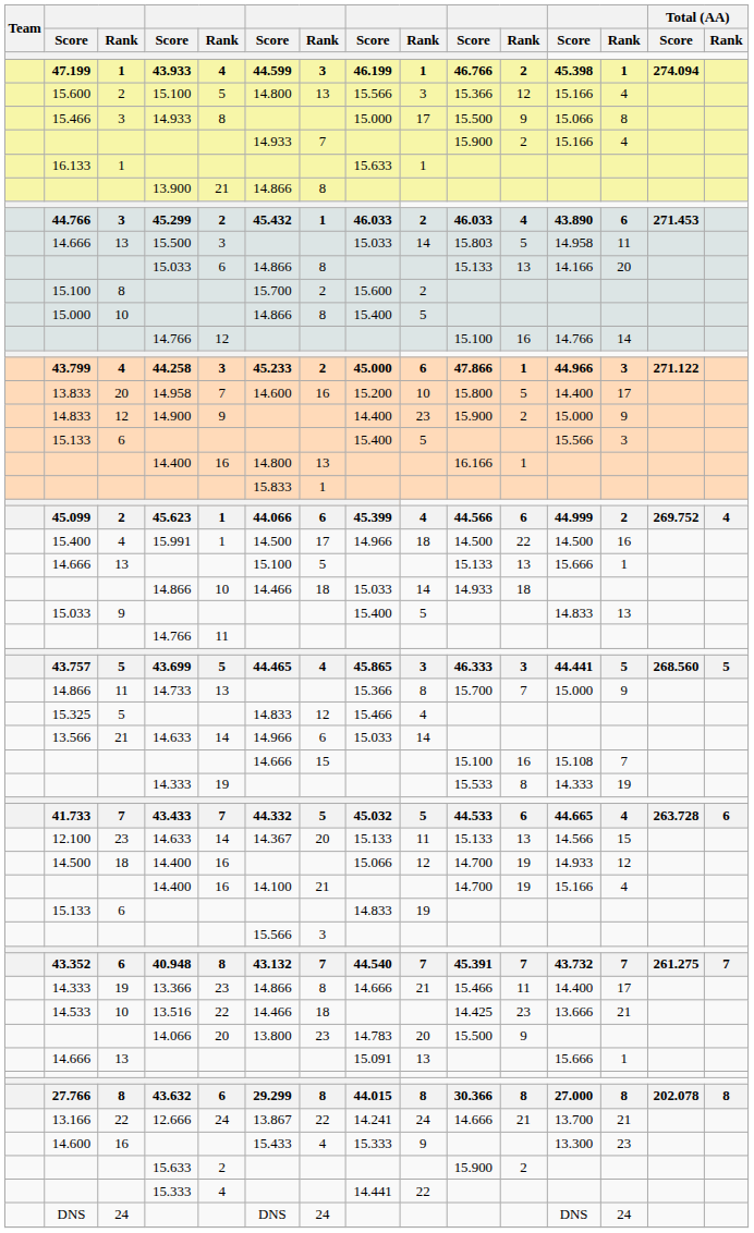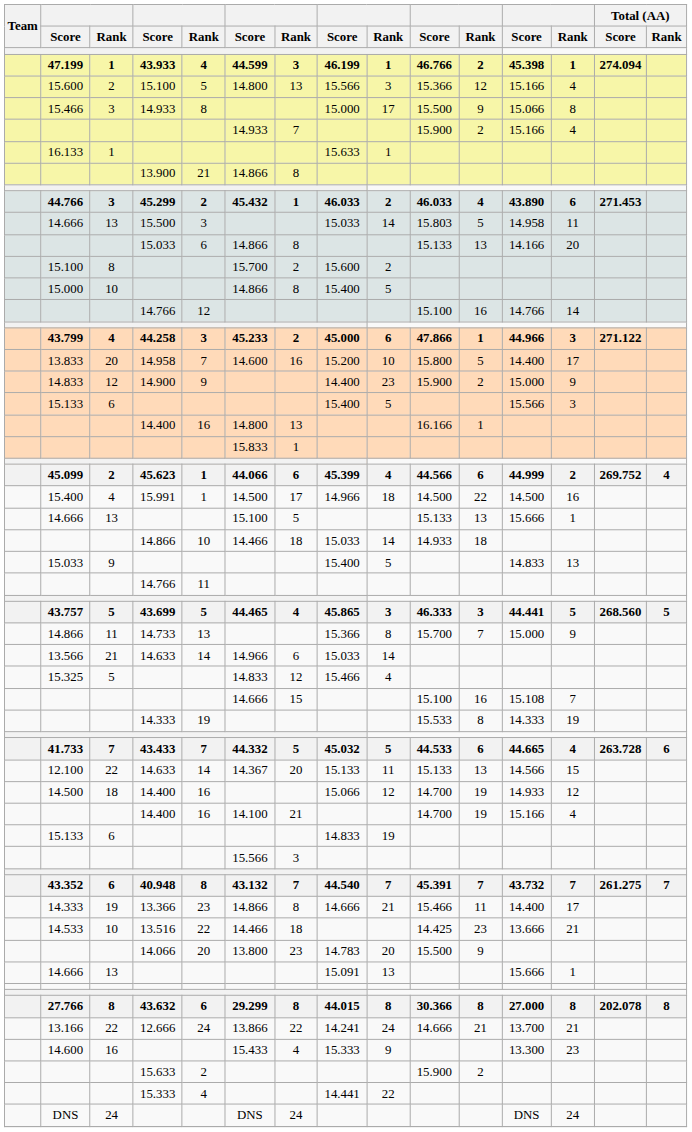 <table class="wikitable" style="text-align:center; font-size:82%">
 <tr>
 <th rowspan=2>Team</th>
 <th style="width:6.7em" colspan=2></th>
 <th style="width:6.7em" colspan=2></th>
 <th style="width:6.7em" colspan=2></th>
 <th style="width:6.7em" colspan=2></th>
 <th style="width:6.7em" colspan=2></th>
 <th style="width:6.7em" colspan=2></th>
 <th style="width:6.7em" colspan=2>Total (AA)</th>
 </tr>
 <tr>
 <th>Score</th>
 <th>Rank</th>
 <th>Score</th>
 <th>Rank</th>
 <th>Score</th>
 <th>Rank</th>
 <th>Score</th>
 <th>Rank</th>
 <th>Score</th>
 <th>Rank</th>
 <th>Score</th>
 <th>Rank</th>
 <th>Score</th>
 <th>Rank<br></th>
 </tr>
 <tr>
 <th colspan=11></th>
 </tr>
 <tr>
 <th style="background:#F7F6A8;”"></th>
 <th style="background:#F7F6A8;”">47.199</th>
 <th style="background:#F7F6A8;”">1</th>
 <th style="background:#F7F6A8;”">43.933</th>
 <th style="background:#F7F6A8;”">4</th>
 <th style="background:#F7F6A8;”">44.599</th>
 <th style="background:#F7F6A8;”">3</th>
 <th style="background:#F7F6A8;”">46.199</th>
 <th style="background:#F7F6A8;”">1</th>
 <th style="background:#F7F6A8;”">46.766</th>
 <th style="background:#F7F6A8;”">2</th>
 <th style="background:#F7F6A8;”">45.398</th>
 <th style="background:#F7F6A8;”">1</th>
 <th style="background:#F7F6A8;”">274.094</th>
 <th style="background:#F7F6A8;”"></th>
 </tr>
 <tr style="background:#F7F6A8;”">
 <td align=left></td>
 <td>15.600</td>
 <td>2</td>
 <td>15.100</td>
 <td>5</td>
 <td>14.800</td>
 <td>13</td>
 <td>15.566</td>
 <td>3</td>
 <td>15.366</td>
 <td>12</td>
 <td>15.166</td>
 <td>4</td>
 <td></td>
 <td></td>
 </tr>
 <tr style="background:#F7F6A8;”">
 <td align="left"></td>
 <td>15.466</td>
 <td>3</td>
 <td>14.933</td>
 <td>8</td>
 <td></td>
 <td></td>
 <td>15.000</td>
 <td>17</td>
 <td>15.500</td>
 <td>9</td>
 <td>15.066</td>
 <td>8</td>
 <td></td>
 <td></td>
 </tr>
 <tr style="background:#F7F6A8;”">
 <td align=left></td>
 <td></td>
 <td></td>
 <td></td>
 <td></td>
 <td>14.933</td>
 <td>7</td>
 <td></td>
 <td></td>
 <td>15.900</td>
 <td>2</td>
 <td>15.166</td>
 <td>4</td>
 <td></td>
 <td></td>
 </tr>
 <tr style="background:#F7F6A8;”">
 <td align="left"></td>
 <td>16.133</td>
 <td>1</td>
 <td></td>
 <td></td>
 <td></td>
 <td></td>
 <td>15.633</td>
 <td>1</td>
 <td></td>
 <td></td>
 <td></td>
 <td></td>
 <td></td>
 <td></td>
 </tr>
 <tr style="background:#F7F6A8;”">
 <td align=left></td>
 <td></td>
 <td></td>
 <td>13.900</td>
 <td>21</td>
 <td>14.866</td>
 <td>8</td>
 <td></td>
 <td></td>
 <td></td>
 <td></td>
 <td></td>
 <td></td>
 <td></td>
 <td></td>
 </tr>
 <tr style="background:#F7F6A8;”">
 <th colspan="8"></th>
 </tr>
 <tr>
 <th style="background:#DCE5E5;”"></th>
 <th style="background:#DCE5E5;”">44.766</th>
 <th style="background:#DCE5E5;”">3</th>
 <th style="background:#DCE5E5;”">45.299</th>
 <th style="background:#DCE5E5;”">2</th>
 <th style="background:#DCE5E5;”">45.432</th>
 <th style="background:#DCE5E5;”">1</th>
 <th style="background:#DCE5E5;”">46.033</th>
 <th style="background:#DCE5E5;”">2</th>
 <th style="background:#DCE5E5;”">46.033</th>
 <th style="background:#DCE5E5;”">4</th>
 <th style="background:#DCE5E5;”">43.890</th>
 <th style="background:#DCE5E5;”">6</th>
 <th style="background:#DCE5E5;”">271.453</th>
 <th style="background:#DCE5E5;”"></th>
 </tr>
 <tr style="background:#DCE5E5;”">
 <td align="left"></td>
 <td>14.666</td>
 <td>13</td>
 <td>15.500</td>
 <td>3</td>
 <td></td>
 <td></td>
 <td>15.033</td>
 <td>14</td>
 <td>15.803</td>
 <td>5</td>
 <td>14.958</td>
 <td>11</td>
 <td></td>
 <td></td>
 </tr>
 <tr style="background:#DCE5E5;”">
 <td align="left"></td>
 <td></td>
 <td></td>
 <td>15.033</td>
 <td>6</td>
 <td>14.866</td>
 <td>8</td>
 <td></td>
 <td></td>
 <td>15.133</td>
 <td>13</td>
 <td>14.166</td>
 <td>20</td>
 <td></td>
 <td></td>
 </tr>
 <tr style="background:#DCE5E5;”">
 <td align="left"></td>
 <td>15.100</td>
 <td>8</td>
 <td></td>
 <td></td>
 <td>15.700</td>
 <td>2</td>
 <td>15.600</td>
 <td>2</td>
 <td></td>
 <td></td>
 <td></td>
 <td></td>
 <td></td>
 <td></td>
 </tr>
 <tr style="background:#DCE5E5;”">
 <td align="left"></td>
 <td>15.000</td>
 <td>10</td>
 <td></td>
 <td></td>
 <td>14.866</td>
 <td>8</td>
 <td>15.400</td>
 <td>5</td>
 <td></td>
 <td></td>
 <td></td>
 <td></td>
 <td></td>
 <td></td>
 </tr>
 <tr style="background:#DCE5E5;”">
 <td align="left"></td>
 <td></td>
 <td></td>
 <td>14.766</td>
 <td>12</td>
 <td></td>
 <td></td>
 <td></td>
 <td></td>
 <td>15.100</td>
 <td>16</td>
 <td>14.766</td>
 <td>14</td>
 <td></td>
 <td></td>
 </tr>
 <tr style="background:#DCE5E5;”">
 <th colspan="8"></th>
 </tr>
 <tr>
 <th style="background:#FFDAB9;"></th>
 <th style="background:#FFDAB9;">43.799</th>
 <th style="background:#FFDAB9;">4</th>
 <th style="background:#FFDAB9;">44.258</th>
 <th style="background:#FFDAB9;">3</th>
 <th style="background:#FFDAB9;">45.233</th>
 <th style="background:#FFDAB9;">2</th>
 <th style="background:#FFDAB9;">45.000</th>
 <th style="background:#FFDAB9;">6</th>
 <th style="background:#FFDAB9;">47.866</th>
 <th style="background:#FFDAB9;">1</th>
 <th style="background:#FFDAB9;">44.966</th>
 <th style="background:#FFDAB9;">3</th>
 <th style="background:#FFDAB9;">271.122</th>
 <th style="background:#FFDAB9;"></th>
 </tr>
 <tr style="background:#FFDAB9;">
 <td align="left"></td>
 <td>13.833</td>
 <td>20</td>
 <td>14.958</td>
 <td>7</td>
 <td>14.600</td>
 <td>16</td>
 <td>15.200</td>
 <td>10</td>
 <td>15.800</td>
 <td>5</td>
 <td>14.400</td>
 <td>17</td>
 <td></td>
 <td></td>
 </tr>
 <tr style="background:#FFDAB9;">
 <td align="left"></td>
 <td>14.833</td>
 <td>12</td>
 <td>14.900</td>
 <td>9</td>
 <td></td>
 <td></td>
 <td>14.400</td>
 <td>23</td>
 <td>15.900</td>
 <td>2</td>
 <td>15.000</td>
 <td>9</td>
 <td></td>
 <td></td>
 </tr>
 <tr style="background:#FFDAB9;">
 <td align="left"></td>
 <td>15.133</td>
 <td>6</td>
 <td></td>
 <td></td>
 <td></td>
 <td></td>
 <td>15.400</td>
 <td>5</td>
 <td></td>
 <td></td>
 <td>15.566</td>
 <td>3</td>
 <td></td>
 <td></td>
 </tr>
 <tr style="background:#FFDAB9;">
 <td align="left"></td>
 <td></td>
 <td></td>
 <td>14.400</td>
 <td>16</td>
 <td>14.800</td>
 <td>13</td>
 <td></td>
 <td></td>
 <td>16.166</td>
 <td>1</td>
 <td></td>
 <td></td>
 <td></td>
 <td></td>
 </tr>
 <tr style="background:#FFDAB9;">
 <td align="left"></td>
 <td></td>
 <td></td>
 <td></td>
 <td></td>
 <td>15.833</td>
 <td>1</td>
 <td></td>
 <td></td>
 <td></td>
 <td></td>
 <td></td>
 <td></td>
 <td></td>
 <td></td>
 </tr>
 <tr style="background:#FFDAB9;">
 <th colspan="8"></th>
 </tr>
 <tr>
 <th></th>
 <th>45.099</th>
 <th>2</th>
 <th>45.623</th>
 <th>1</th>
 <th>44.066</th>
 <th>6</th>
 <th>45.399</th>
 <th>4</th>
 <th>44.566</th>
 <th>6</th>
 <th>44.999</th>
 <th>2</th>
 <th>269.752</th>
 <th>4</th>
 </tr>
 <tr>
 <td align="left"></td>
 <td>15.400</td>
 <td>4</td>
 <td>15.991</td>
 <td>1</td>
 <td>14.500</td>
 <td>17</td>
 <td>14.966</td>
 <td>18</td>
 <td>14.500</td>
 <td>22</td>
 <td>14.500</td>
 <td>16</td>
 <td></td>
 <td></td>
 </tr>
 <tr>
 <td align="left"></td>
 <td>14.666</td>
 <td>13</td>
 <td></td>
 <td></td>
 <td>15.100</td>
 <td>5</td>
 <td></td>
 <td></td>
 <td>15.133</td>
 <td>13</td>
 <td>15.666</td>
 <td>1</td>
 <td></td>
 <td></td>
 </tr>
 <tr>
 <td align="left"></td>
 <td></td>
 <td></td>
 <td>14.866</td>
 <td>10</td>
 <td>14.466</td>
 <td>18</td>
 <td>15.033</td>
 <td>14</td>
 <td>14.933</td>
 <td>18</td>
 <td></td>
 <td></td>
 <td></td>
 <td></td>
 </tr>
 <tr>
 <td align="left"></td>
 <td>15.033</td>
 <td>9</td>
 <td></td>
 <td></td>
 <td></td>
 <td></td>
 <td>15.400</td>
 <td>5</td>
 <td></td>
 <td></td>
 <td>14.833</td>
 <td>13</td>
 <td></td>
 <td></td>
 </tr>
 <tr>
 <td align="left"></td>
 <td></td>
 <td></td>
 <td>14.766</td>
 <td>11</td>
 <td></td>
 <td></td>
 <td></td>
 <td></td>
 <td></td>
 <td></td>
 <td></td>
 <td></td>
 <td></td>
 <td></td>
 </tr>
 <tr>
 <th colspan="8"></th>
 </tr>
 <tr>
 <th></th>
 <th>43.757</th>
 <th>5</th>
 <th>43.699</th>
 <th>5</th>
 <th>44.465</th>
 <th>4</th>
 <th>45.865</th>
 <th>3</th>
 <th>46.333</th>
 <th>3</th>
 <th>44.441</th>
 <th>5</th>
 <th>268.560</th>
 <th>5</th>
 </tr>
 <tr>
 <td align="left"></td>
 <td>14.866</td>
 <td>11</td>
 <td>14.733</td>
 <td>13</td>
 <td></td>
 <td></td>
 <td>15.366</td>
 <td>8</td>
 <td>15.700</td>
 <td>7</td>
 <td>15.000</td>
 <td>9</td>
 <td></td>
 <td></td>
 </tr>
 <tr>
 <td align="left"></td>
-<td>15.325</td>
-<td>5</td>
-<td></td>
-<td></td>
-<td>14.833</td>
-<td>12</td>
-<td>15.466</td>
-<td>4</td>
+<td>13.566</td>
+<td>21</td>
+<td>14.633</td>
+<td>14</td>
+<td>14.966</td>
+<td>6</td>
+<td>15.033</td>
+<td>14</td>
 <td></td>
 <td></td>
 <td></td>
 <td></td>
 <td></td>
 <td></td>
 </tr>
 <tr>
 <td align="left"></td>
-<td>13.566</td>
-<td>21</td>
-<td>14.633</td>
-<td>14</td>
-<td>14.966</td>
-<td>6</td>
-<td>15.033</td>
-<td>14</td>
+<td>15.325</td>
+<td>5</td>
+<td></td>
+<td></td>
+<td>14.833</td>
+<td>12</td>
+<td>15.466</td>
+<td>4</td>
 <td></td>
 <td></td>
 <td></td>
 <td></td>
 <td></td>
 <td></td>
 </tr>
 <tr>
 <td align="left"></td>
 <td></td>
 <td></td>
 <td></td>
 <td></td>
 <td>14.666</td>
 <td>15</td>
 <td></td>
 <td></td>
 <td>15.100</td>
 <td>16</td>
 <td>15.108</td>
 <td>7</td>
 <td></td>
 <td></td>
 </tr>
 <tr>
 <td align="left"></td>
 <td></td>
 <td></td>
 <td>14.333</td>
 <td>19</td>
 <td></td>
 <td></td>
 <td></td>
 <td></td>
 <td>15.533</td>
 <td>8</td>
 <td>14.333</td>
 <td>19</td>
 <td></td>
 <td></td>
 </tr>
 <tr>
 <th colspan="8"></th>
 </tr>
 <tr>
 <th></th>
 <th>41.733</th>
 <th>7</th>
 <th>43.433</th>
 <th>7</th>
 <th>44.332</th>
 <th>5</th>
 <th>45.032</th>
 <th>5</th>
 <th>44.533</th>
 <th>6</th>
 <th>44.665</th>
 <th>4</th>
 <th>263.728</th>
 <th>6</th>
 </tr>
 <tr>
 <td align=left></td>
 <td>12.100</td>
-<td>23</td>
+<td>22</td>
 <td>14.633</td>
 <td>14</td>
 <td>14.367</td>
 <td>20</td>
 <td>15.133</td>
 <td>11</td>
 <td>15.133</td>
 <td>13</td>
 <td>14.566</td>
 <td>15</td>
 <td></td>
 <td></td>
 </tr>
 <tr>
 <td align=left></td>
 <td>14.500</td>
 <td>18</td>
 <td>14.400</td>
 <td>16</td>
 <td></td>
 <td></td>
 <td>15.066</td>
 <td>12</td>
 <td>14.700</td>
 <td>19</td>
 <td>14.933</td>
 <td>12</td>
 <td></td>
 <td></td>
 </tr>
 <tr>
 <td align="left"></td>
 <td></td>
 <td></td>
 <td>14.400</td>
 <td>16</td>
 <td>14.100</td>
 <td>21</td>
 <td></td>
 <td></td>
 <td>14.700</td>
 <td>19</td>
 <td>15.166</td>
 <td>4</td>
 <td></td>
 <td></td>
 </tr>
 <tr>
 <td align=left></td>
 <td>15.133</td>
 <td>6</td>
 <td></td>
 <td></td>
 <td></td>
 <td></td>
 <td>14.833</td>
 <td>19</td>
 <td></td>
 <td></td>
 <td></td>
 <td></td>
 <td></td>
 <td></td>
 </tr>
 <tr>
 <td align=left></td>
 <td></td>
 <td></td>
 <td></td>
 <td></td>
 <td>15.566</td>
 <td>3</td>
 <td></td>
 <td></td>
 <td></td>
 <td></td>
 <td></td>
 <td></td>
 <td></td>
 <td></td>
 </tr>
 <tr>
 <th colspan="8"></th>
 </tr>
 <tr>
 <th></th>
 <th>43.352</th>
 <th>6</th>
 <th>40.948</th>
 <th>8</th>
 <th>43.132</th>
 <th>7</th>
 <th>44.540</th>
 <th>7</th>
 <th>45.391</th>
 <th>7</th>
 <th>43.732</th>
 <th>7</th>
 <th>261.275</th>
 <th>7</th>
 </tr>
 <tr>
 <td align=left></td>
 <td>14.333</td>
 <td>19</td>
 <td>13.366</td>
 <td>23</td>
 <td>14.866</td>
 <td>8</td>
 <td>14.666</td>
 <td>21</td>
 <td>15.466</td>
 <td>11</td>
 <td>14.400</td>
 <td>17</td>
 <td></td>
 <td></td>
 </tr>
 <tr>
 <td align="left"></td>
 <td>14.533</td>
 <td>10</td>
 <td>13.516</td>
 <td>22</td>
 <td>14.466</td>
 <td>18</td>
 <td></td>
 <td></td>
 <td>14.425</td>
 <td>23</td>
 <td>13.666</td>
 <td>21</td>
 <td></td>
 <td></td>
 </tr>
 <tr>
 <td align=left></td>
 <td></td>
 <td></td>
 <td>14.066</td>
 <td>20</td>
 <td>13.800</td>
 <td>23</td>
 <td>14.783</td>
 <td>20</td>
 <td>15.500</td>
 <td>9</td>
 <td></td>
 <td></td>
 <td></td>
 <td></td>
 </tr>
 <tr>
 <td align=left></td>
 <td>14.666</td>
 <td>13</td>
 <td></td>
 <td></td>
 <td></td>
 <td></td>
 <td>15.091</td>
 <td>13</td>
 <td></td>
 <td></td>
 <td>15.666</td>
 <td>1</td>
 <td></td>
 <td></td>
 </tr>
 <tr>
 <td align=left></td>
 <td></td>
 <td></td>
 <td></td>
 <td></td>
 <td></td>
 <td></td>
 <td></td>
 <td></td>
 <td></td>
 <td></td>
 <td></td>
 <td></td>
 <td></td>
 <td></td>
 </tr>
 <tr>
 <th colspan="8"></th>
 </tr>
 <tr>
 <th></th>
 <th>27.766</th>
 <th>8</th>
 <th>43.632</th>
 <th>6</th>
 <th>29.299</th>
 <th>8</th>
 <th>44.015</th>
 <th>8</th>
 <th>30.366</th>
 <th>8</th>
 <th>27.000</th>
 <th>8</th>
 <th>202.078</th>
 <th>8</th>
 </tr>
 <tr>
 <td align="left"></td>
 <td>13.166</td>
 <td>22</td>
 <td>12.666</td>
 <td>24</td>
-<td>13.867</td>
+<td>13.866</td>
 <td>22</td>
 <td>14.241</td>
 <td>24</td>
 <td>14.666</td>
 <td>21</td>
 <td>13.700</td>
 <td>21</td>
 <td></td>
 <td></td>
 </tr>
 <tr>
 <td align="left"></td>
 <td>14.600</td>
 <td>16</td>
 <td></td>
 <td></td>
 <td>15.433</td>
 <td>4</td>
 <td>15.333</td>
 <td>9</td>
 <td></td>
 <td></td>
 <td>13.300</td>
 <td>23</td>
 <td></td>
 <td></td>
 </tr>
 <tr>
 <td align="left"></td>
 <td></td>
 <td></td>
 <td>15.633</td>
 <td>2</td>
 <td></td>
 <td></td>
 <td></td>
 <td></td>
 <td>15.900</td>
 <td>2</td>
 <td></td>
 <td></td>
 <td></td>
 <td></td>
 </tr>
 <tr>
 <td align="left"></td>
 <td></td>
 <td></td>
 <td>15.333</td>
 <td>4</td>
 <td></td>
 <td></td>
 <td>14.441</td>
 <td>22</td>
 <td></td>
 <td></td>
 <td></td>
 <td></td>
 <td></td>
 <td></td>
 </tr>
 <tr>
 <td align="left"></td>
 <td>DNS</td>
 <td>24</td>
 <td></td>
 <td></td>
 <td>DNS</td>
 <td>24</td>
 <td></td>
 <td></td>
 <td></td>
 <td></td>
 <td>DNS</td>
 <td>24</td>
 <td></td>
 <td></td>
 </tr>
 <tr>
 </tr>
 </table>
